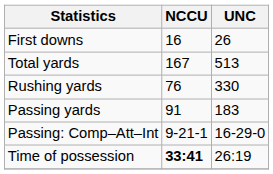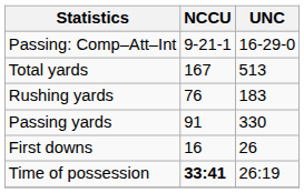 <table class="wikitable" style="float: left;">
 <tr>
 <th>Statistics</th>
 <th>NCCU</th>
 <th>UNC</th>
 </tr>
 <tr>
-<td>First downs</td>
-<td>16</td>
-<td>26</td>
+<td>Passing: Comp–Att–Int</td>
+<td>9-21-1</td>
+<td>16-29-0</td>
 </tr>
 <tr>
 <td>Total yards</td>
 <td>167</td>
 <td>513</td>
 </tr>
 <tr>
 <td>Rushing yards</td>
 <td>76</td>
-<td>330</td>
+<td>183</td>
 </tr>
 <tr>
 <td>Passing yards</td>
 <td>91</td>
-<td>183</td>
+<td>330</td>
 </tr>
 <tr>
-<td>Passing: Comp–Att–Int</td>
-<td>9-21-1</td>
-<td>16-29-0</td>
+<td>First downs</td>
+<td>16</td>
+<td>26</td>
 </tr>
 <tr>
 <td>Time of possession</td>
 <td><strong>33:41</strong></td>
 <td>26:19</td>
 </tr>
 <tr>
 </tr>
 </table>
